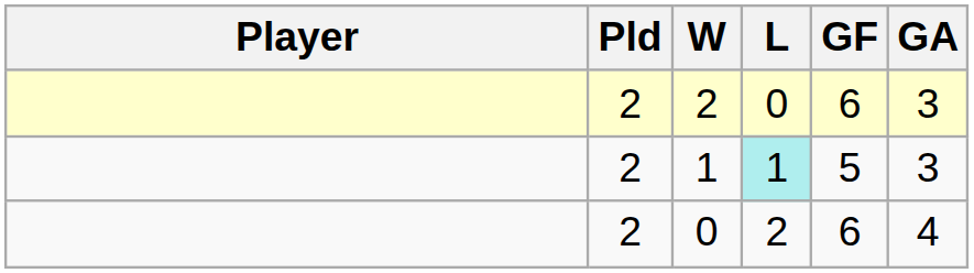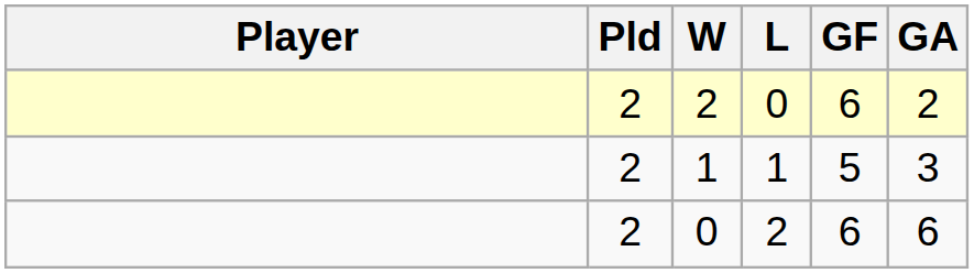 <table class=wikitable style="text-align:center">
 <tr>
 <th width=220>Player</th>
 <th width=20>Pld</th>
 <th width=20>W</th>
 <th width=20>L</th>
 <th width=20>GF</th>
 <th width=20>GA</th>
 </tr>
 <tr bgcolor=#ffffcc>
 <td align=left></td>
 <td>2</td>
 <td>2</td>
 <td>0</td>
 <td>6</td>
-<td>3</td>
+<td>2</td>
 </tr>
 <tr>
 <td align=left></td>
 <td>2</td>
 <td>1</td>
-<td style="background: paleturquoise;">1</td>
+<td>1</td>
 <td>5</td>
 <td>3</td>
 </tr>
 <tr>
 <td align=left></td>
 <td>2</td>
 <td>0</td>
 <td>2</td>
 <td>6</td>
-<td>4</td>
+<td>6</td>
 </tr>
 </table>
